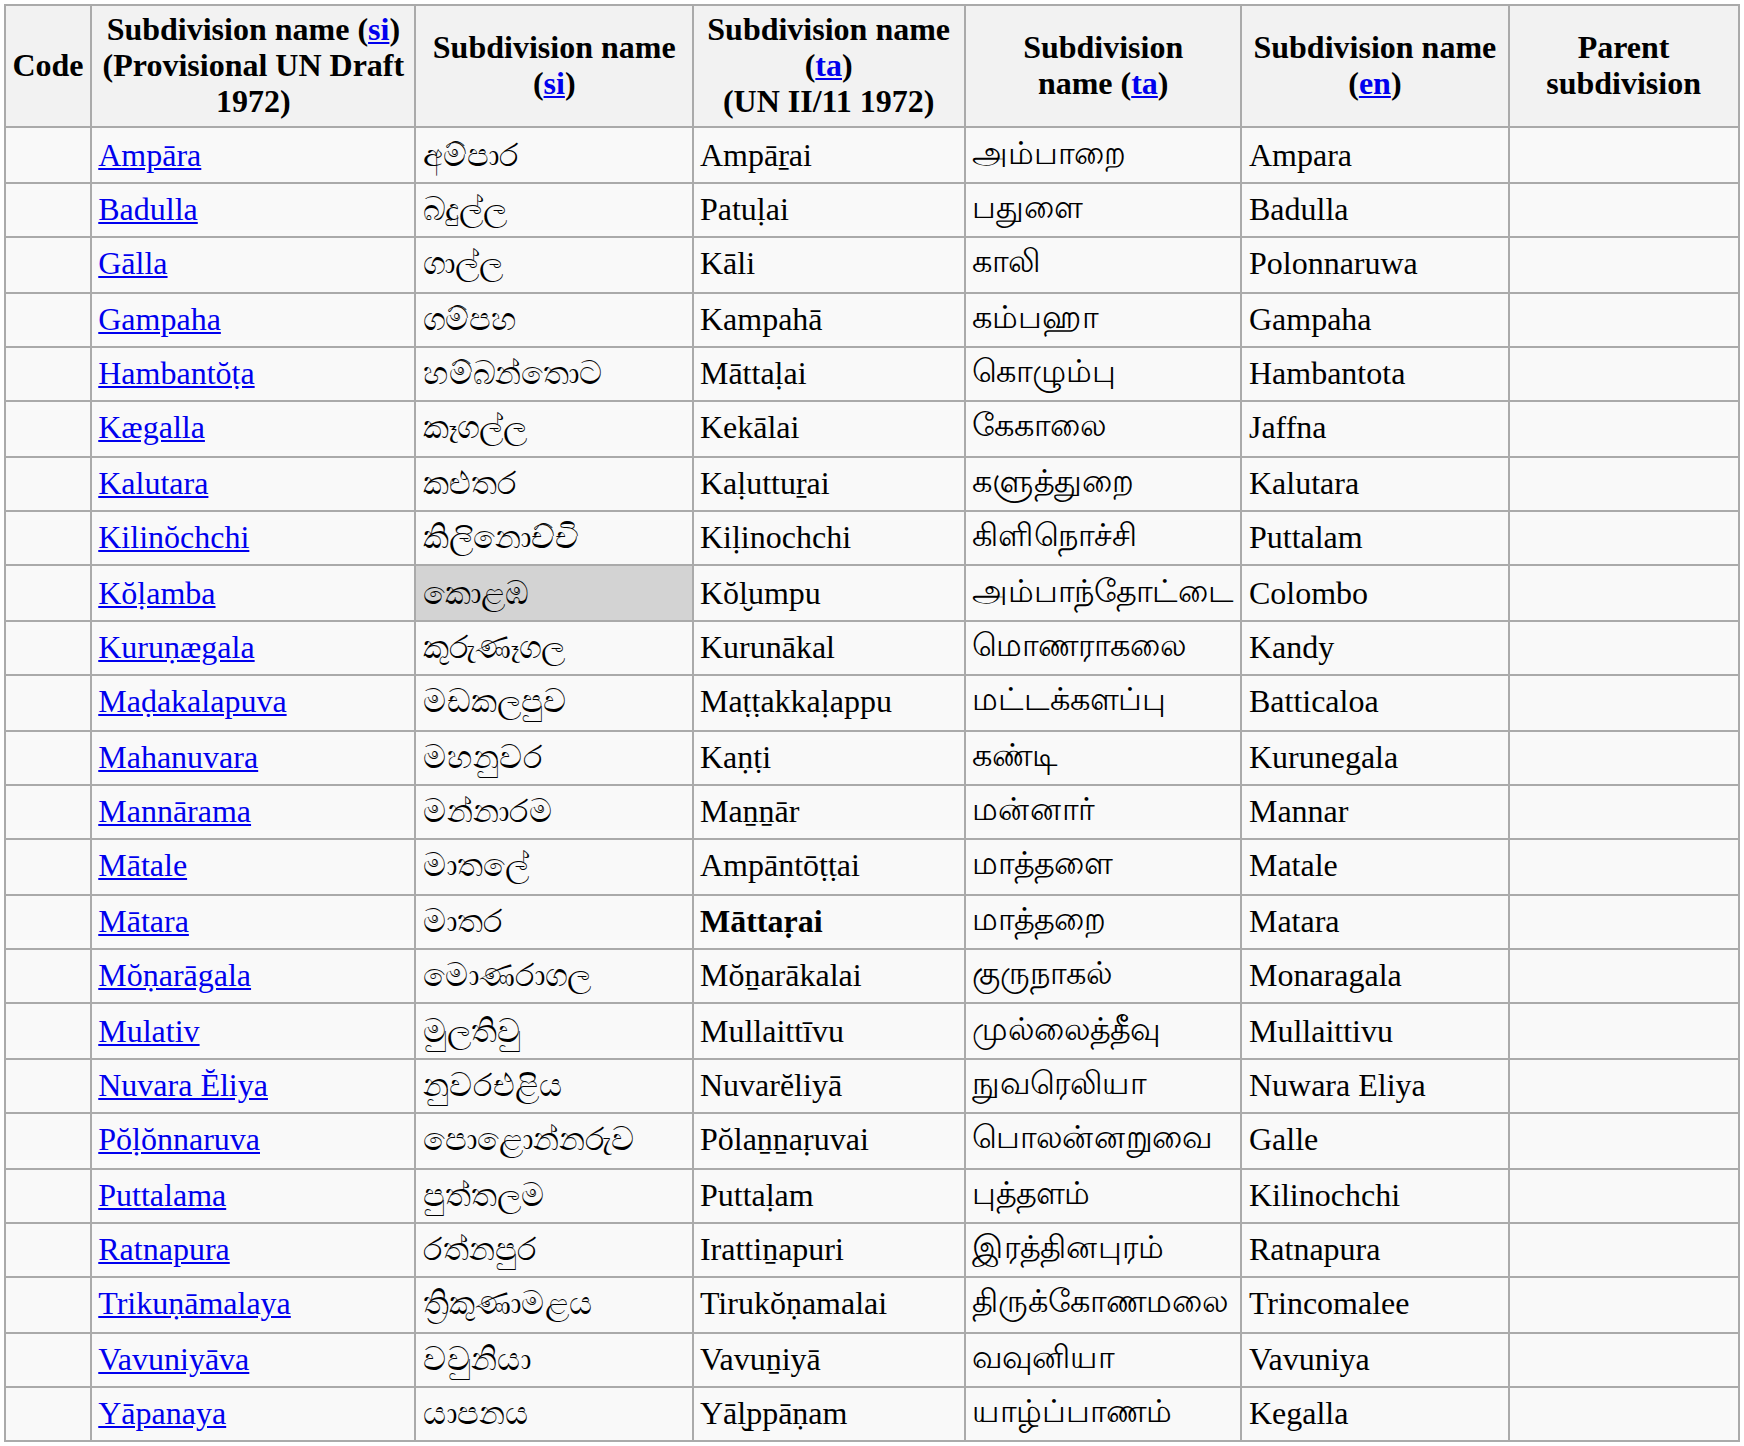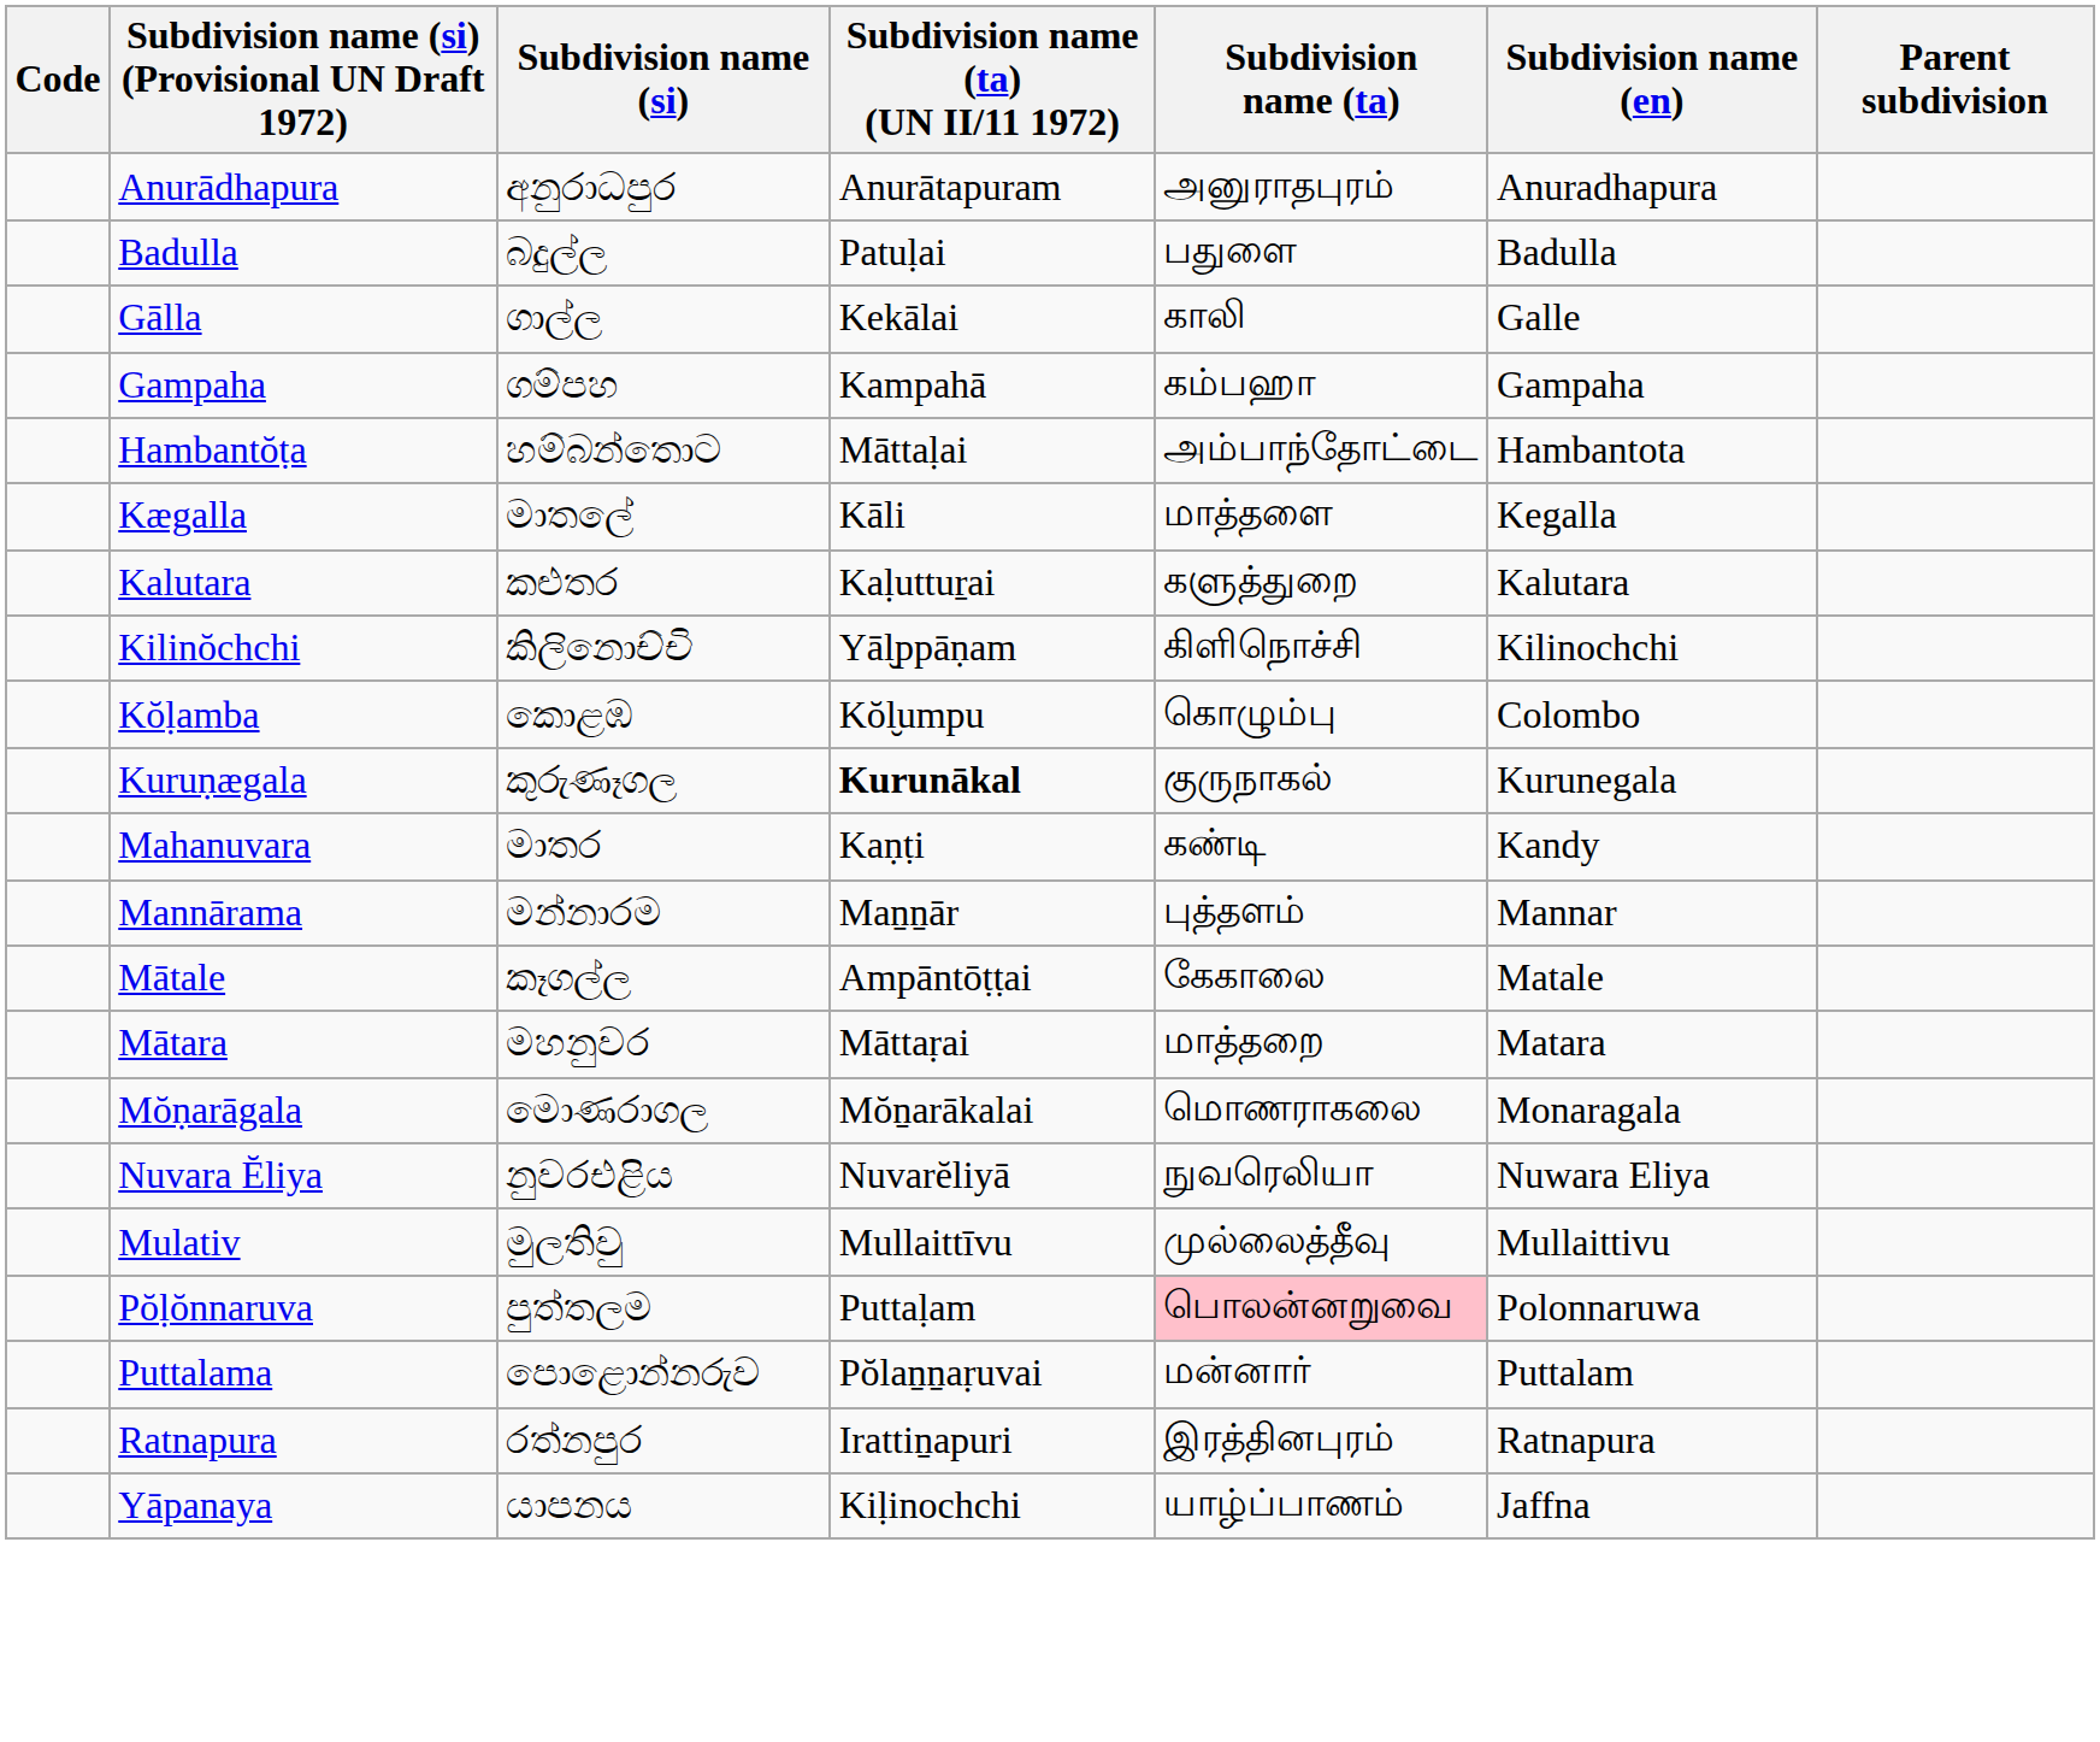 <table class="wikitable sortable">
 <tr>
 <th>Code</th>
 <th>Subdivision name (<a href='#'>si</a>)<br>(Provisional UN Draft 1972)</th>
 <th>Subdivision name (<a href='#'>si</a>)<br></th>
 <th>Subdivision name (<a href='#'>ta</a>)<br>(UN II/11 1972)</th>
 <th>Subdivision<br>name (<a href='#'>ta</a>)<br></th>
 <th>Subdivision name (<a href='#'>en</a>)</th>
 <th>Parent subdivision</th>
 </tr>
 <tr>
 <td></td>
-<td><a href='#'>Ampāra</a></td>
-<td>අම්පාර</td>
-<td>Ampāṟai</td>
-<td>அம்பாறை</td>
-<td>Ampara</td>
+<td><a href='#'>Anurādhapura</a></td>
+<td>අනුරාධපුර</td>
+<td>Anurātapuram</td>
+<td>அனுராதபுரம்</td>
+<td>Anuradhapura</td>
 <td></td>
 </tr>
 <tr>
 <td></td>
 <td><a href='#'>Badulla</a></td>
 <td>බදුල්ල</td>
 <td>Patuḷai</td>
 <td>பதுளை</td>
 <td>Badulla</td>
 <td></td>
 </tr>
 <tr>
 <td></td>
 <td><a href='#'>Gālla</a></td>
 <td>ගාල්ල</td>
-<td>Kāli</td>
+<td>Kekālai</td>
 <td>காலி</td>
-<td>Polonnaruwa</td>
+<td>Galle</td>
 <td></td>
 </tr>
 <tr>
 <td></td>
 <td><a href='#'>Gampaha</a></td>
 <td>ගම්පහ</td>
 <td>Kampahā</td>
 <td>கம்பஹா</td>
 <td>Gampaha</td>
 <td></td>
 </tr>
 <tr>
 <td></td>
 <td><a href='#'>Hambantŏṭa</a></td>
 <td>හම්බන්තොට</td>
 <td>Māttaḷai</td>
-<td>கொழும்பு</td>
+<td>அம்பாந்தோட்டை</td>
 <td>Hambantota</td>
 <td></td>
 </tr>
 <tr>
 <td></td>
 <td><a href='#'>Kægalla</a></td>
-<td>කෑගල්ල</td>
-<td>Kekālai</td>
-<td>கேகாலை</td>
-<td>Jaffna</td>
+<td>මාතලේ</td>
+<td>Kāli</td>
+<td>மாத்தளை</td>
+<td>Kegalla</td>
 <td></td>
 </tr>
 <tr>
 <td></td>
 <td><a href='#'>Kalutara</a></td>
 <td>කළුතර</td>
 <td>Kaḷuttuṟai</td>
 <td>களுத்துறை</td>
 <td>Kalutara</td>
 <td></td>
 </tr>
 <tr>
 <td></td>
 <td><a href='#'>Kilinŏchchi</a></td>
 <td>කිලිනොච්චි</td>
-<td>Kiḷinochchi</td>
+<td>Yāl̮ppāṇam</td>
 <td>கிளிநொச்சி</td>
-<td>Puttalam</td>
+<td>Kilinochchi</td>
 <td></td>
 </tr>
 <tr>
 <td></td>
 <td><a href='#'>Kŏḷamba</a></td>
-<td style="background: lightgrey;">කොළඹ</td>
+<td>කොළඹ</td>
 <td>Kŏl̮umpu</td>
-<td>அம்பாந்தோட்டை</td>
+<td>கொழும்பு</td>
 <td>Colombo</td>
 <td></td>
 </tr>
 <tr>
 <td></td>
 <td><a href='#'>Kuruṇægala</a></td>
 <td>කුරුණෑගල</td>
-<td>Kurunākal</td>
-<td>மொணராகலை</td>
-<td>Kandy</td>
-<td></td>
-</tr>
-<tr>
-<td></td>
-<td><a href='#'>Maḍakalapuva</a></td>
-<td>මඩකලපුව</td>
-<td>Maṭṭakkaḷappu</td>
-<td>மட்டக்களப்பு</td>
-<td>Batticaloa</td>
+<td><strong>Kurunākal</strong></td>
+<td>குருநாகல்</td>
+<td>Kurunegala</td>
 <td></td>
 </tr>
 <tr>
 <td></td>
 <td><a href='#'>Mahanuvara</a></td>
-<td>මහනුවර</td>
+<td>මාතර</td>
 <td>Kaṇṭi</td>
 <td>கண்டி</td>
-<td>Kurunegala</td>
+<td>Kandy</td>
 <td></td>
 </tr>
 <tr>
 <td></td>
 <td><a href='#'>Mannārama</a></td>
 <td>මන්නාරම</td>
 <td>Maṉṉār</td>
-<td>மன்னார்</td>
+<td>புத்தளம்</td>
 <td>Mannar</td>
 <td></td>
 </tr>
 <tr>
 <td></td>
 <td><a href='#'>Mātale</a></td>
-<td>මාතලේ</td>
+<td>කෑගල්ල</td>
 <td>Ampāntōṭṭai</td>
-<td>மாத்தளை</td>
+<td>கேகாலை</td>
 <td>Matale</td>
 <td></td>
 </tr>
 <tr>
 <td></td>
 <td><a href='#'>Mātara</a></td>
-<td>මාතර</td>
-<td><strong>Māttaṛai</strong></td>
+<td>මහනුවර</td>
+<td>Māttaṛai</td>
 <td>மாத்தறை</td>
 <td>Matara</td>
 <td></td>
 </tr>
 <tr>
 <td></td>
 <td><a href='#'>Mŏṇarāgala</a></td>
 <td>මොණරාගල</td>
 <td>Mŏṉarākalai</td>
-<td>குருநாகல்</td>
+<td>மொணராகலை</td>
 <td>Monaragala</td>
+<td></td>
+</tr>
+<tr>
+<td></td>
+<td><a href='#'>Nuvara Ĕliya</a></td>
+<td>නුවරඑළිය</td>
+<td>Nuvarĕliyā</td>
+<td>நுவரெலியா</td>
+<td>Nuwara Eliya</td>
 <td></td>
 </tr>
 <tr>
 <td></td>
 <td><a href='#'>Mulativ</a></td>
 <td>මුලතිවු</td>
 <td>Mullaittīvu</td>
 <td>முல்லைத்தீவு</td>
 <td>Mullaittivu</td>
 <td></td>
 </tr>
 <tr>
 <td></td>
-<td><a href='#'>Nuvara Ĕliya</a></td>
-<td>නුවරඑළිය</td>
-<td>Nuvarĕliyā</td>
-<td>நுவரெலியா</td>
-<td>Nuwara Eliya</td>
-<td></td>
-</tr>
-<tr>
-<td></td>
 <td><a href='#'>Pŏḷŏnnaruva</a></td>
-<td>පොළොන්නරුව</td>
-<td>Pŏlaṉṉaṛuvai</td>
-<td>பொலன்னறுவை</td>
-<td>Galle</td>
+<td>පුත්තලම</td>
+<td>Puttaḷam</td>
+<td style="background: pink;">பொலன்னறுவை</td>
+<td>Polonnaruwa</td>
 <td></td>
 </tr>
 <tr>
 <td></td>
 <td><a href='#'>Puttalama</a></td>
-<td>පුත්තලම</td>
-<td>Puttaḷam</td>
-<td>புத்தளம்</td>
-<td>Kilinochchi</td>
+<td>පොළොන්නරුව</td>
+<td>Pŏlaṉṉaṛuvai</td>
+<td>மன்னார்</td>
+<td>Puttalam</td>
 <td></td>
 </tr>
 <tr>
 <td></td>
 <td><a href='#'>Ratnapura</a></td>
 <td>රත්නපුර</td>
 <td>Irattiṉapuri</td>
 <td>இரத்தினபுரம்</td>
 <td>Ratnapura</td>
 <td></td>
 </tr>
 <tr>
 <td></td>
-<td><a href='#'>Trikuṇāmalaya</a></td>
-<td>ත්‍රිකුණාමළය</td>
-<td>Tirukŏṇamalai</td>
-<td>திருக்கோணமலை</td>
-<td>Trincomalee</td>
-<td></td>
-</tr>
-<tr>
-<td></td>
-<td><a href='#'>Vavuniyāva</a></td>
-<td>වවුනියා</td>
-<td>Vavuṉiyā</td>
-<td>வவுனியா</td>
-<td>Vavuniya</td>
-<td></td>
-</tr>
-<tr>
-<td></td>
 <td><a href='#'>Yāpanaya</a></td>
 <td>යාපනය</td>
-<td>Yāl̮ppāṇam</td>
+<td>Kiḷinochchi</td>
 <td>யாழ்ப்பாணம்</td>
-<td>Kegalla</td>
+<td>Jaffna</td>
 <td></td>
 </tr>
 </table>
